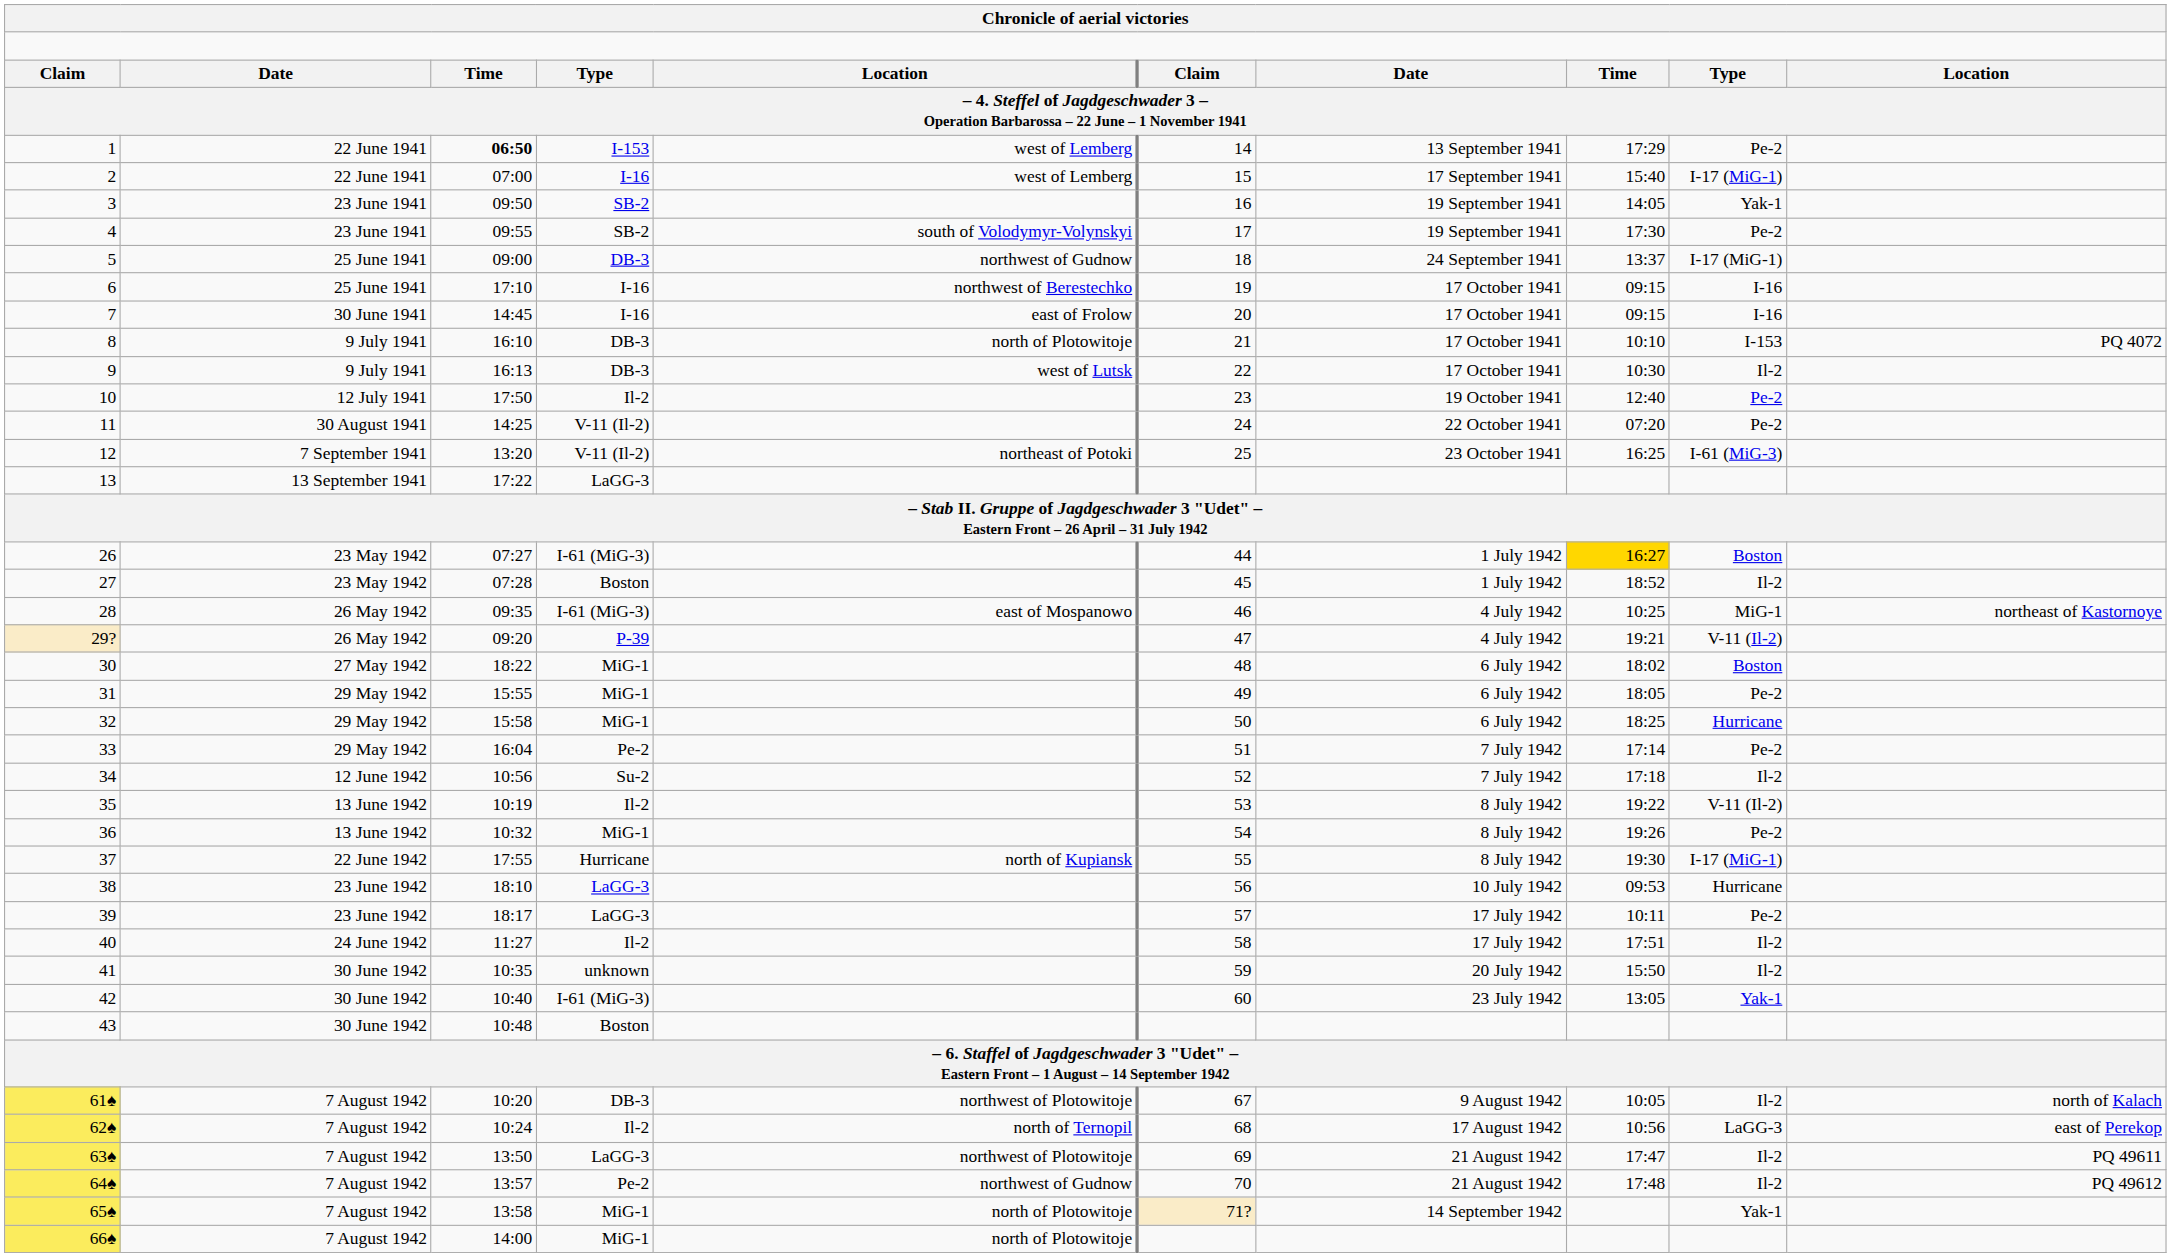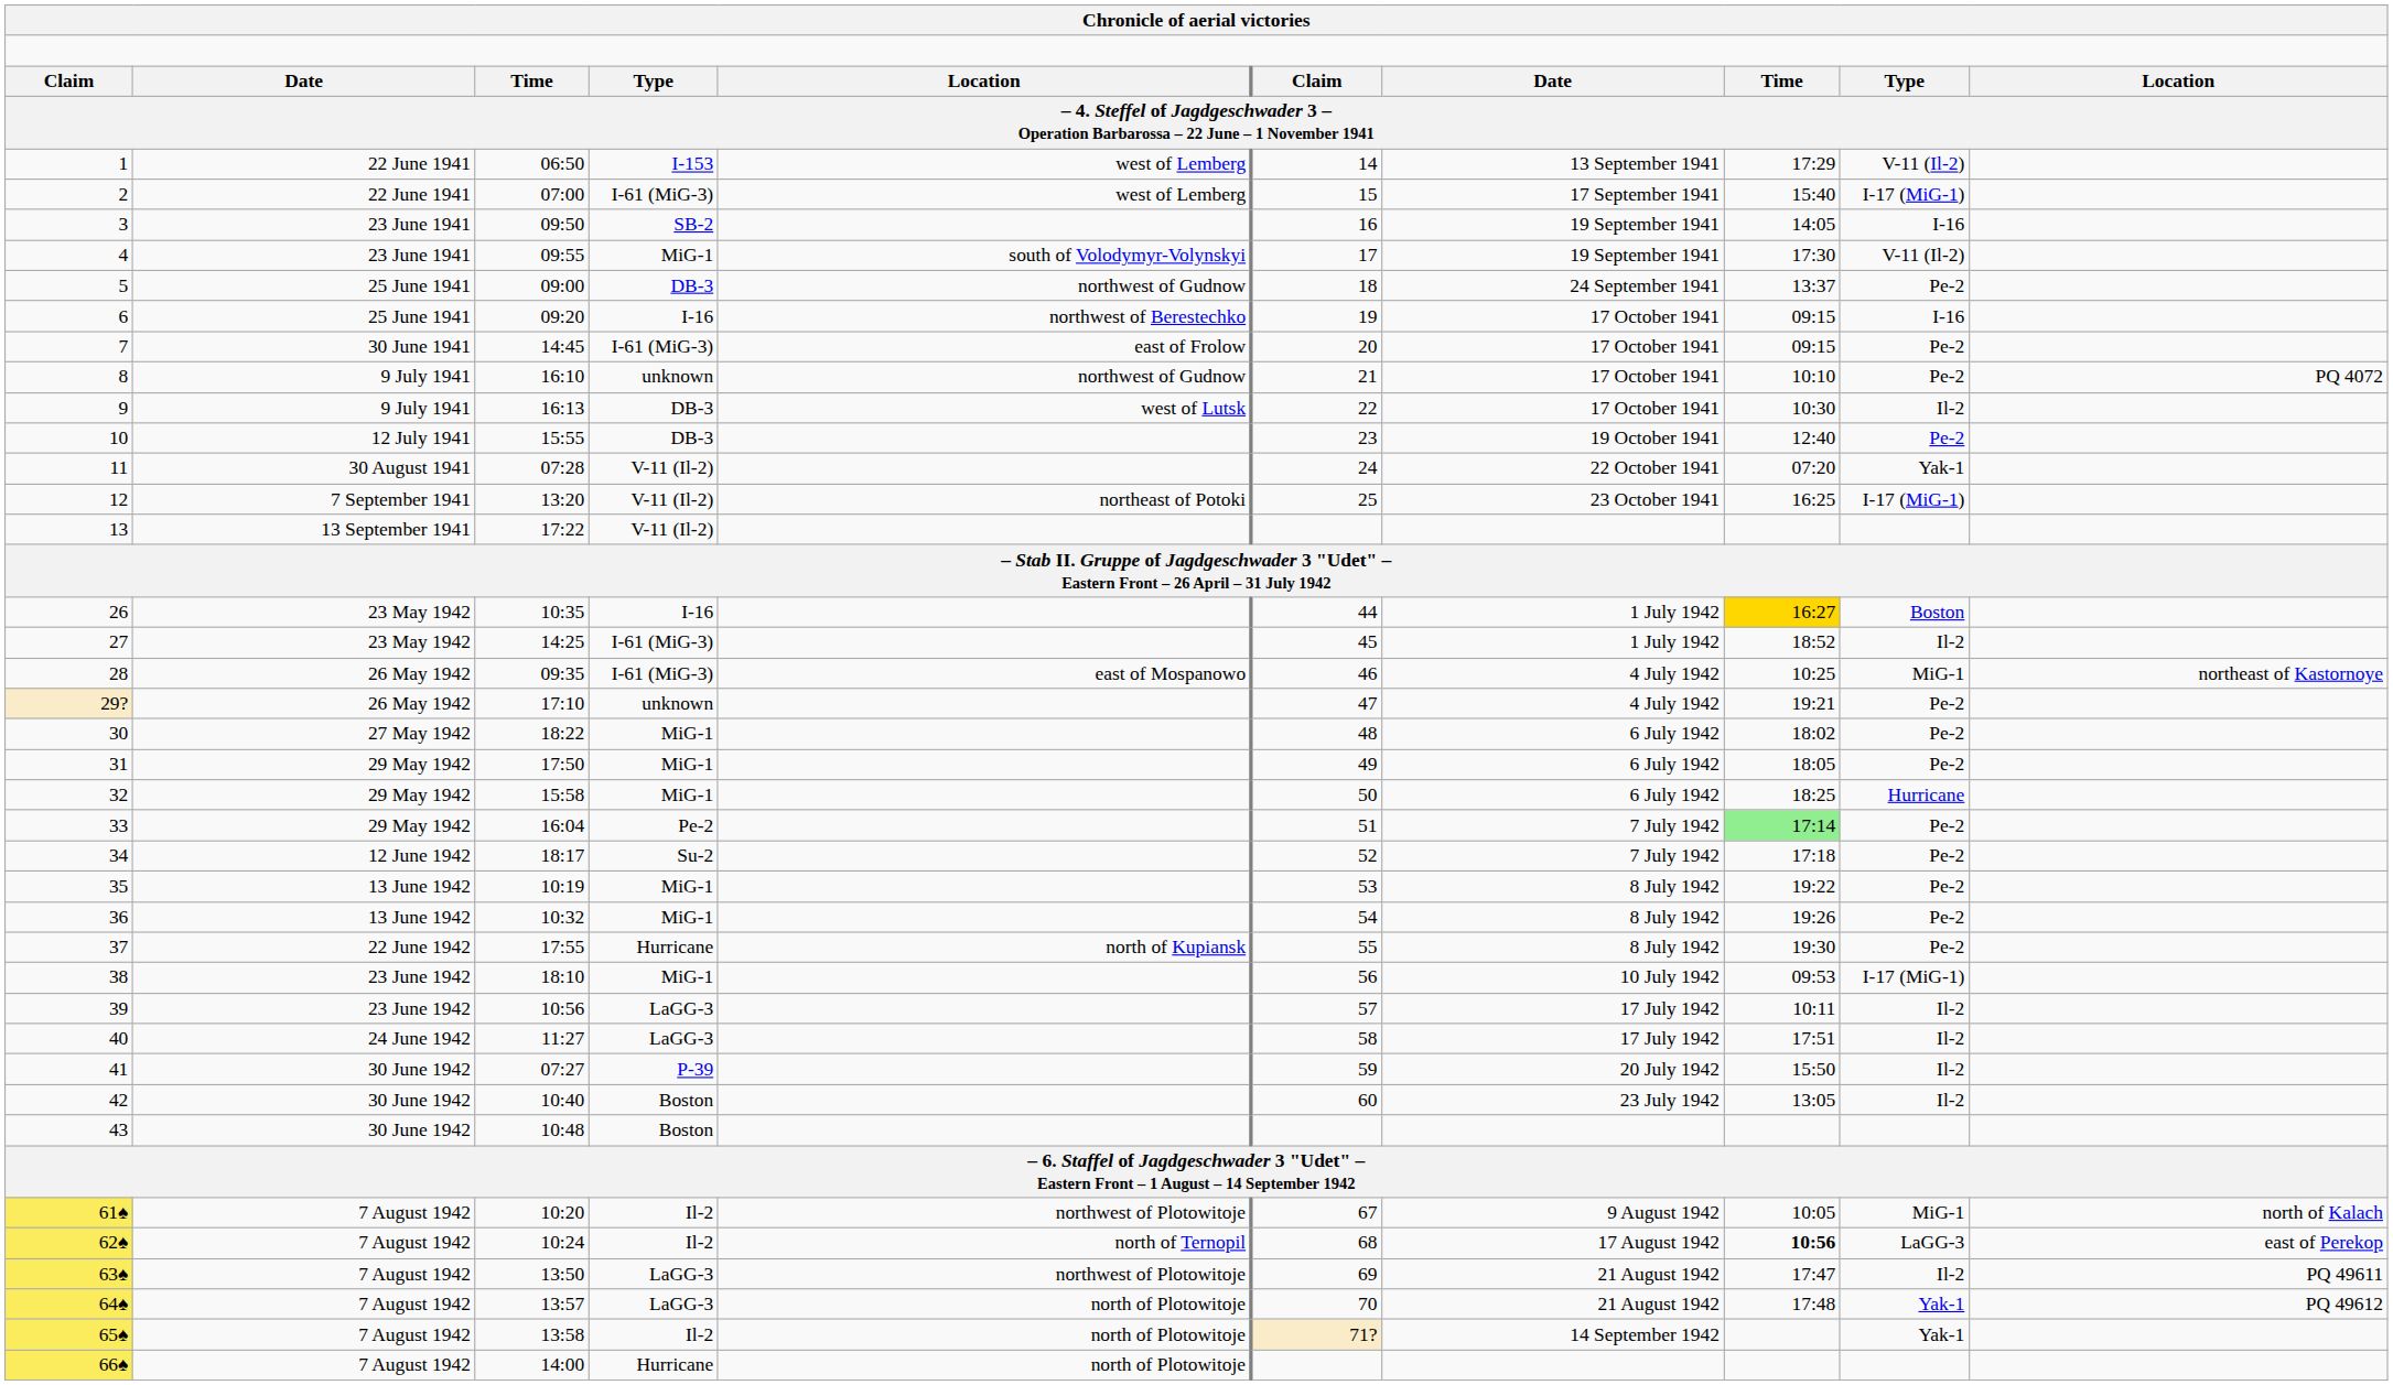 <table class="wikitable plainrowheaders collapsible" style="margin-left: auto; margin-right: auto; border: none; text-align:right; width: 100%;">
 <tr>
 <th colspan="10">Chronicle of aerial victories</th>
 </tr>
 <tr>
 <td colspan="10" style="text-align: left;"><br> </td>
 </tr>
 <tr>
 <th scope="col">Claim</th>
 <th scope="col">Date</th>
 <th scope="col">Time</th>
 <th scope="col" width="100px">Type</th>
 <th scope="col">Location</th>
 <th scope="col" style="border-left: 3px solid grey;">Claim</th>
 <th scope="col">Date</th>
 <th scope="col">Time</th>
 <th scope="col" width="100px">Type</th>
 <th scope="col">Location</th>
 </tr>
 <tr>
 <th colspan="10">– 4. <em>Steffel</em> of <em>Jagdgeschwader</em> 3 –<br><small>Operation Barbarossa – 22 June – 1 November 1941</small></th>
 </tr>
 <tr>
 <td>1</td>
 <td>22 June 1941</td>
-<td><strong>06:50</strong></td>
+<td>06:50</td>
 <td><a href='#'>I-153</a></td>
 <td>west of <a href='#'>Lemberg</a></td>
 <td style="border-left: 3px solid grey;">14</td>
 <td>13 September 1941</td>
 <td>17:29</td>
-<td>Pe-2</td>
+<td>V-11 (<a href='#'>Il-2</a>)</td>
 <td></td>
 </tr>
 <tr>
 <td>2</td>
 <td>22 June 1941</td>
 <td>07:00</td>
-<td><a href='#'>I-16</a></td>
+<td>I-61 (MiG-3)</td>
 <td>west of Lemberg</td>
 <td style="border-left: 3px solid grey;">15</td>
 <td>17 September 1941</td>
 <td>15:40</td>
 <td>I-17 (<a href='#'>MiG-1</a>)</td>
 <td></td>
 </tr>
 <tr>
 <td>3</td>
 <td>23 June 1941</td>
 <td>09:50</td>
 <td><a href='#'>SB-2</a></td>
 <td></td>
 <td style="border-left: 3px solid grey;">16</td>
 <td>19 September 1941</td>
 <td>14:05</td>
-<td>Yak-1</td>
+<td>I-16</td>
 <td></td>
 </tr>
 <tr>
 <td>4</td>
 <td>23 June 1941</td>
 <td>09:55</td>
-<td>SB-2</td>
+<td>MiG-1</td>
 <td>south of <a href='#'>Volodymyr-Volynskyi</a></td>
 <td style="border-left: 3px solid grey;">17</td>
 <td>19 September 1941</td>
 <td>17:30</td>
-<td>Pe-2</td>
+<td>V-11 (Il-2)</td>
 <td></td>
 </tr>
 <tr>
 <td>5</td>
 <td>25 June 1941</td>
 <td>09:00</td>
 <td><a href='#'>DB-3</a></td>
 <td>northwest of Gudnow</td>
 <td style="border-left: 3px solid grey;">18</td>
 <td>24 September 1941</td>
 <td>13:37</td>
-<td>I-17 (MiG-1)</td>
+<td>Pe-2</td>
 <td></td>
 </tr>
 <tr>
 <td>6</td>
 <td>25 June 1941</td>
-<td>17:10</td>
+<td>09:20</td>
 <td>I-16</td>
 <td> northwest of <a href='#'>Berestechko</a></td>
 <td style="border-left: 3px solid grey;">19</td>
 <td>17 October 1941</td>
 <td>09:15</td>
 <td>I-16</td>
 <td></td>
 </tr>
 <tr>
 <td>7</td>
 <td>30 June 1941</td>
 <td>14:45</td>
-<td>I-16</td>
+<td>I-61 (MiG-3)</td>
 <td>east of Frolow</td>
 <td style="border-left: 3px solid grey;">20</td>
 <td>17 October 1941</td>
 <td>09:15</td>
-<td>I-16</td>
+<td>Pe-2</td>
 <td></td>
 </tr>
 <tr>
 <td>8</td>
 <td>9 July 1941</td>
 <td>16:10</td>
-<td>DB-3</td>
-<td>north of Plotowitoje</td>
+<td>unknown</td>
+<td>northwest of Gudnow</td>
 <td style="border-left: 3px solid grey;">21</td>
 <td>17 October 1941</td>
 <td>10:10</td>
-<td>I-153</td>
+<td>Pe-2</td>
 <td>PQ 4072</td>
 </tr>
 <tr>
 <td>9</td>
 <td>9 July 1941</td>
 <td>16:13</td>
 <td>DB-3</td>
 <td>west of <a href='#'>Lutsk</a></td>
 <td style="border-left: 3px solid grey;">22</td>
 <td>17 October 1941</td>
 <td>10:30</td>
 <td>Il-2</td>
 <td></td>
 </tr>
 <tr>
 <td>10</td>
 <td>12 July 1941</td>
-<td>17:50</td>
-<td>Il-2</td>
+<td>15:55</td>
+<td>DB-3</td>
 <td></td>
 <td style="border-left: 3px solid grey;">23</td>
 <td>19 October 1941</td>
 <td>12:40</td>
 <td><a href='#'>Pe-2</a></td>
 <td></td>
 </tr>
 <tr>
 <td>11</td>
 <td>30 August 1941</td>
-<td>14:25</td>
+<td>07:28</td>
 <td>V-11 (Il-2)</td>
 <td></td>
 <td style="border-left: 3px solid grey;">24</td>
 <td>22 October 1941</td>
 <td>07:20</td>
-<td>Pe-2</td>
+<td>Yak-1</td>
 <td></td>
 </tr>
 <tr>
 <td>12</td>
 <td>7 September 1941</td>
 <td>13:20</td>
 <td>V-11 (Il-2)</td>
 <td> northeast of Potoki</td>
 <td style="border-left: 3px solid grey;">25</td>
 <td>23 October 1941</td>
 <td>16:25</td>
-<td>I-61 (<a href='#'>MiG-3</a>)</td>
+<td>I-17 (<a href='#'>MiG-1</a>)</td>
 <td></td>
 </tr>
 <tr>
 <td>13</td>
 <td>13 September 1941</td>
 <td>17:22</td>
-<td>LaGG-3</td>
+<td>V-11 (Il-2)</td>
 <td></td>
 <td style="border-left: 3px solid grey;"></td>
 <td></td>
 <td></td>
 <td></td>
 <td></td>
 </tr>
 <tr>
 <th colspan="10">– <em>Stab</em> II. <em>Gruppe</em> of <em>Jagdgeschwader</em> 3 "Udet" –<br><small>Eastern Front – 26 April – 31 July 1942</small></th>
 </tr>
 <tr>
 <td>26</td>
 <td>23 May 1942</td>
-<td>07:27</td>
-<td>I-61 (MiG-3)</td>
+<td>10:35</td>
+<td>I-16</td>
 <td></td>
 <td style="border-left: 3px solid grey;">44</td>
 <td>1 July 1942</td>
 <td style="background: gold;">16:27</td>
 <td><a href='#'>Boston</a></td>
 <td></td>
 </tr>
 <tr>
 <td>27</td>
 <td>23 May 1942</td>
-<td>07:28</td>
-<td>Boston</td>
+<td>14:25</td>
+<td>I-61 (MiG-3)</td>
 <td></td>
 <td style="border-left: 3px solid grey;">45</td>
 <td>1 July 1942</td>
 <td>18:52</td>
 <td>Il-2</td>
 <td></td>
 </tr>
 <tr>
 <td>28</td>
 <td>26 May 1942</td>
 <td>09:35</td>
 <td>I-61 (MiG-3)</td>
 <td> east of Mospanowo</td>
 <td style="border-left: 3px solid grey;">46</td>
 <td>4 July 1942</td>
 <td>10:25</td>
 <td>MiG-1</td>
 <td>northeast of <a href='#'>Kastornoye</a></td>
 </tr>
 <tr>
 <td style="background:#faecc8">29?</td>
 <td>26 May 1942</td>
-<td>09:20</td>
-<td><a href='#'>P-39</a></td>
+<td>17:10</td>
+<td>unknown</td>
 <td></td>
 <td style="border-left: 3px solid grey;">47</td>
 <td>4 July 1942</td>
 <td>19:21</td>
-<td>V-11 (<a href='#'>Il-2</a>)</td>
+<td>Pe-2</td>
 <td></td>
 </tr>
 <tr>
 <td>30</td>
 <td>27 May 1942</td>
 <td>18:22</td>
 <td>MiG-1</td>
 <td></td>
 <td style="border-left: 3px solid grey;">48</td>
 <td>6 July 1942</td>
 <td>18:02</td>
-<td><a href='#'>Boston</a></td>
+<td>Pe-2</td>
 <td></td>
 </tr>
 <tr>
 <td>31</td>
 <td>29 May 1942</td>
-<td>15:55</td>
+<td>17:50</td>
 <td>MiG-1</td>
 <td></td>
 <td style="border-left: 3px solid grey;">49</td>
 <td>6 July 1942</td>
 <td>18:05</td>
 <td>Pe-2</td>
 <td></td>
 </tr>
 <tr>
 <td>32</td>
 <td>29 May 1942</td>
 <td>15:58</td>
 <td>MiG-1</td>
 <td></td>
 <td style="border-left: 3px solid grey;">50</td>
 <td>6 July 1942</td>
 <td>18:25</td>
 <td><a href='#'>Hurricane</a></td>
 <td></td>
 </tr>
 <tr>
 <td>33</td>
 <td>29 May 1942</td>
 <td>16:04</td>
 <td>Pe-2</td>
 <td></td>
 <td style="border-left: 3px solid grey;">51</td>
 <td>7 July 1942</td>
-<td>17:14</td>
+<td style="background: lightgreen;">17:14</td>
 <td>Pe-2</td>
 <td></td>
 </tr>
 <tr>
 <td>34</td>
 <td>12 June 1942</td>
-<td>10:56</td>
+<td>18:17</td>
 <td>Su-2</td>
 <td></td>
 <td style="border-left: 3px solid grey;">52</td>
 <td>7 July 1942</td>
 <td>17:18</td>
-<td>Il-2</td>
+<td>Pe-2</td>
 <td></td>
 </tr>
 <tr>
 <td>35</td>
 <td>13 June 1942</td>
 <td>10:19</td>
-<td>Il-2</td>
+<td>MiG-1</td>
 <td></td>
 <td style="border-left: 3px solid grey;">53</td>
 <td>8 July 1942</td>
 <td>19:22</td>
-<td>V-11 (Il-2)</td>
+<td>Pe-2</td>
 <td></td>
 </tr>
 <tr>
 <td>36</td>
 <td>13 June 1942</td>
 <td>10:32</td>
 <td>MiG-1</td>
 <td></td>
 <td style="border-left: 3px solid grey;">54</td>
 <td>8 July 1942</td>
 <td>19:26</td>
 <td>Pe-2</td>
 <td></td>
 </tr>
 <tr>
 <td>37</td>
 <td>22 June 1942</td>
 <td>17:55</td>
 <td>Hurricane</td>
 <td>north of <a href='#'>Kupiansk</a></td>
 <td style="border-left: 3px solid grey;">55</td>
 <td>8 July 1942</td>
 <td>19:30</td>
-<td>I-17 (<a href='#'>MiG-1</a>)</td>
+<td>Pe-2</td>
 <td></td>
 </tr>
 <tr>
 <td>38</td>
 <td>23 June 1942</td>
 <td>18:10</td>
-<td><a href='#'>LaGG-3</a></td>
+<td>MiG-1</td>
 <td></td>
 <td style="border-left: 3px solid grey;">56</td>
 <td>10 July 1942</td>
 <td>09:53</td>
-<td>Hurricane</td>
+<td>I-17 (MiG-1)</td>
 <td></td>
 </tr>
 <tr>
 <td>39</td>
 <td>23 June 1942</td>
-<td>18:17</td>
+<td>10:56</td>
 <td>LaGG-3</td>
 <td></td>
 <td style="border-left: 3px solid grey;">57</td>
 <td>17 July 1942</td>
 <td>10:11</td>
-<td>Pe-2</td>
+<td>Il-2</td>
 <td></td>
 </tr>
 <tr>
 <td>40</td>
 <td>24 June 1942</td>
 <td>11:27</td>
-<td>Il-2</td>
+<td>LaGG-3</td>
 <td></td>
 <td style="border-left: 3px solid grey;">58</td>
 <td>17 July 1942</td>
 <td>17:51</td>
 <td>Il-2</td>
 <td></td>
 </tr>
 <tr>
 <td>41</td>
 <td>30 June 1942</td>
-<td>10:35</td>
-<td>unknown</td>
+<td>07:27</td>
+<td><a href='#'>P-39</a></td>
 <td></td>
 <td style="border-left: 3px solid grey;">59</td>
 <td>20 July 1942</td>
 <td>15:50</td>
 <td>Il-2</td>
 <td></td>
 </tr>
 <tr>
 <td>42</td>
 <td>30 June 1942</td>
 <td>10:40</td>
-<td>I-61 (MiG-3)</td>
+<td>Boston</td>
 <td></td>
 <td style="border-left: 3px solid grey;">60</td>
 <td>23 July 1942</td>
 <td>13:05</td>
-<td><a href='#'>Yak-1</a></td>
+<td>Il-2</td>
 <td></td>
 </tr>
 <tr>
 <td>43</td>
 <td>30 June 1942</td>
 <td>10:48</td>
 <td>Boston</td>
 <td></td>
 <td style="border-left: 3px solid grey;"></td>
 <td></td>
 <td></td>
 <td></td>
 <td></td>
 </tr>
 <tr>
 <th colspan="10">– 6. <em>Staffel</em> of <em>Jagdgeschwader</em> 3 "Udet" –<br><small>Eastern Front – 1 August – 14 September 1942</small></th>
 </tr>
 <tr>
 <td style="background:#fbec5d;">61♠</td>
 <td>7 August 1942</td>
 <td>10:20</td>
-<td>DB-3</td>
+<td>Il-2</td>
 <td>northwest of Plotowitoje</td>
 <td style="border-left: 3px solid grey;">67</td>
 <td>9 August 1942</td>
 <td>10:05</td>
-<td>Il-2</td>
+<td>MiG-1</td>
 <td>north of <a href='#'>Kalach</a></td>
 </tr>
 <tr>
 <td style="background:#fbec5d;">62♠</td>
 <td>7 August 1942</td>
 <td>10:24</td>
 <td>Il-2</td>
 <td>north of <a href='#'>Ternopil</a></td>
 <td style="border-left: 3px solid grey;">68</td>
 <td>17 August 1942</td>
-<td>10:56</td>
+<td><strong>10:56</strong></td>
 <td>LaGG-3</td>
 <td> east of <a href='#'>Perekop</a></td>
 </tr>
 <tr>
 <td style="background:#fbec5d;">63♠</td>
 <td>7 August 1942</td>
 <td>13:50</td>
 <td>LaGG-3</td>
 <td>northwest of Plotowitoje</td>
 <td style="border-left: 3px solid grey;">69</td>
 <td>21 August 1942</td>
 <td>17:47</td>
 <td>Il-2</td>
 <td>PQ 49611</td>
 </tr>
 <tr>
 <td style="background:#fbec5d;">64♠</td>
 <td>7 August 1942</td>
 <td>13:57</td>
-<td>Pe-2</td>
-<td>northwest of Gudnow</td>
+<td>LaGG-3</td>
+<td>north of Plotowitoje</td>
 <td style="border-left: 3px solid grey;">70</td>
 <td>21 August 1942</td>
 <td>17:48</td>
-<td>Il-2</td>
+<td><a href='#'>Yak-1</a></td>
 <td>PQ 49612</td>
 </tr>
 <tr>
 <td style="background:#fbec5d;">65♠</td>
 <td>7 August 1942</td>
 <td>13:58</td>
-<td>MiG-1</td>
+<td>Il-2</td>
 <td>north of Plotowitoje</td>
 <td style="border-left: 3px solid grey; background:#faecc8">71?</td>
 <td>14 September 1942</td>
 <td></td>
 <td>Yak-1</td>
 <td></td>
 </tr>
 <tr>
 <td style="background:#fbec5d;">66♠</td>
 <td>7 August 1942</td>
 <td>14:00</td>
-<td>MiG-1</td>
+<td>Hurricane</td>
 <td>north of Plotowitoje</td>
 <td style="border-left: 3px solid grey;"></td>
 <td></td>
 <td></td>
 <td></td>
 <td></td>
 </tr>
 </table>
